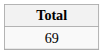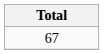 <table class="wikitable" style="text-align:center;">
 <tr>
 <th style="width:100px;">Total</th>
 </tr>
 <tr>
-<td>69</td>
+<td>67</td>
 </tr>
 <tr>
 </tr>
 </table>
